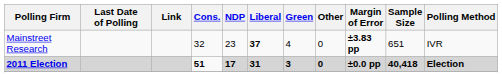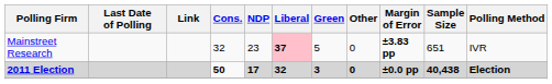 <table class="wikitable sortable">
 <tr style="background:#e9e9e9;">
 <th style="width:120px">Polling Firm</th>
 <th style="width:110px">Last Date<br>of Polling</th>
 <th style="width:60px" class="unsortable">Link</th>
 <th style="background-color:"><strong><a href='#'>Cons.</a></strong></th>
 <th style="background-color:"><strong><a href='#'>NDP</a></strong></th>
 <th style="background-color:"><strong><a href='#'>Liberal</a></strong></th>
 <th style="background-color:"><strong><a href='#'>Green</a></strong></th>
 <th style="background-color:"><strong>Other</strong></th>
 <th style="width:60px;" class=unsortable>Margin<br>of Error</th>
 <th style="width:50px;" class=unsortable>Sample<br>Size</th>
 <th class=unsortable>Polling Method</th>
 </tr>
 <tr>
 <td><a href='#'>Mainstreet Research</a></td>
 <td></td>
 <td></td>
 <td>32</td>
 <td>23</td>
-<td><strong>37</strong></td>
-<td>4</td>
+<td style="background: pink;"><strong>37</strong></td>
+<td>5</td>
 <td>0</td>
 <td><strong>±3.83 pp</strong></td>
 <td>651</td>
 <td>IVR</td>
 </tr>
 <tr>
 <td style="background:#D5D5D5"><strong><a href='#'>2011 Election</a></strong></td>
 <td style="background:#D5D5D5"><strong></strong></td>
 <td style="background:#D5D5D5"></td>
-<td><strong>51</strong></td>
+<td><strong>50</strong></td>
 <td style="background:#D5D5D5"><strong>17</strong></td>
-<td style="background:#D5D5D5"><strong>31</strong></td>
+<td style="background:#D5D5D5"><strong>32</strong></td>
 <td style="background:#D5D5D5"><strong>3</strong></td>
 <td style="background:#D5D5D5"><strong>0</strong></td>
 <td style="background:#D5D5D5"><strong>±0.0 pp</strong></td>
-<td style="background:#D5D5D5"><strong>40,418</strong></td>
+<td style="background:#D5D5D5"><strong>40,438</strong></td>
 <td style="background:#D5D5D5"><strong>Election</strong></td>
 </tr>
 <tr>
 </tr>
 <tr>
 </tr>
 </table>
